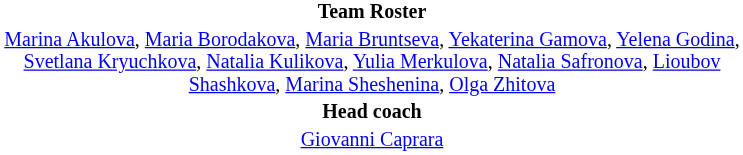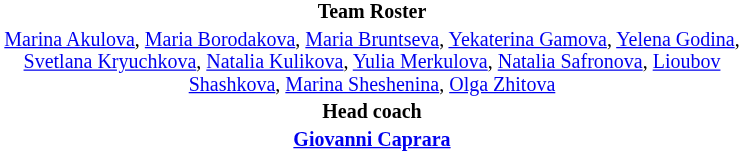 <table style="text-align: center; margin-top: 2em; margin-left: auto; margin-right: auto">
 <tr>
 <td><strong>Team Roster</strong></td>
 </tr>
 <tr>
 <td><a href='#'>Marina Akulova</a>, <a href='#'>Maria Borodakova</a>, <a href='#'>Maria Bruntseva</a>, <a href='#'>Yekaterina Gamova</a>, <a href='#'>Yelena Godina</a>, <a href='#'>Svetlana Kryuchkova</a>, <a href='#'>Natalia Kulikova</a>, <a href='#'>Yulia Merkulova</a>, <a href='#'>Natalia Safronova</a>, <a href='#'>Lioubov Shashkova</a>, <a href='#'>Marina Sheshenina</a>, <a href='#'>Olga Zhitova</a></td>
 </tr>
 <tr>
 <td><strong>Head coach</strong></td>
 </tr>
 <tr>
-<td><a href='#'>Giovanni Caprara</a></td>
+<td><strong><a href='#'>Giovanni Caprara</a></strong></td>
 </tr>
 <tr>
 </tr>
 </table>
